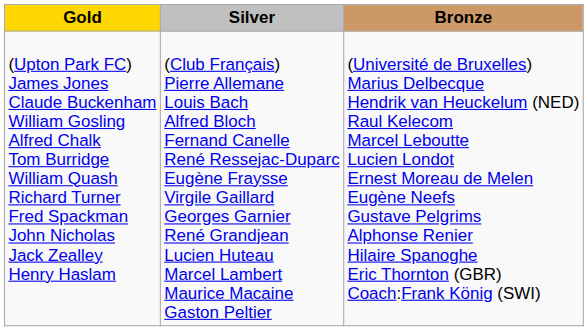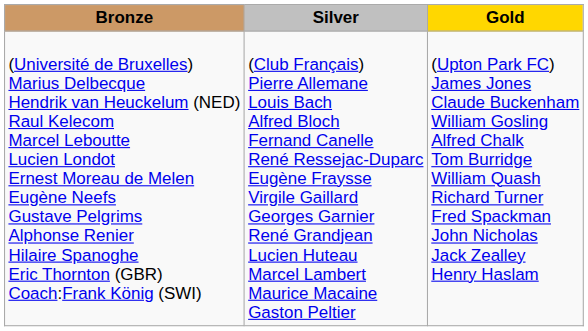 <table class="wikitable">
 <tr>
+<td align="center" bgcolor="CC9966"><strong>Bronze</strong></td>
+<td align="center" bgcolor="silver"><strong>Silver</strong></td>
 <td align="center" bgcolor="gold"><strong>Gold</strong></td>
-<td align="center" bgcolor="silver"><strong>Silver</strong></td>
-<td align="center" bgcolor="CC9966"><strong>Bronze</strong></td>
 </tr>
 <tr>
+<td valign=top><br>(<a href='#'>Université de Bruxelles</a>)<br><a href='#'>Marius Delbecque</a><br><a href='#'>Hendrik van Heuckelum</a> (NED)<br><a href='#'>Raul Kelecom</a><br><a href='#'>Marcel Leboutte</a><br><a href='#'>Lucien Londot</a><br><a href='#'>Ernest Moreau de Melen</a><br><a href='#'>Eugène Neefs</a><br><a href='#'>Gustave Pelgrims</a><br><a href='#'>Alphonse Renier</a><br><a href='#'>Hilaire Spanoghe</a><br><a href='#'>Eric Thornton</a> (GBR)<br><a href='#'>Coach</a>:<a href='#'>Frank König</a> (SWI)</td>
+<td valign=top><br>(<a href='#'>Club Français</a>) <br><a href='#'>Pierre Allemane</a><br><a href='#'>Louis Bach</a><br><a href='#'>Alfred Bloch</a><br><a href='#'>Fernand Canelle</a><br><a href='#'>René Ressejac-Duparc</a><br><a href='#'>Eugène Fraysse</a><br><a href='#'>Virgile Gaillard</a><br><a href='#'>Georges Garnier</a><br><a href='#'>René Grandjean</a><br><a href='#'>Lucien Huteau</a><br><a href='#'>Marcel Lambert</a><br><a href='#'>Maurice Macaine</a><br><a href='#'>Gaston Peltier</a></td>
 <td valign=top><br>(<a href='#'>Upton Park FC</a>)<br><a href='#'>James Jones</a><br><a href='#'>Claude Buckenham</a><br><a href='#'>William Gosling</a><br><a href='#'>Alfred Chalk</a><br><a href='#'>Tom Burridge</a><br><a href='#'>William Quash</a><br><a href='#'>Richard Turner</a><br><a href='#'>Fred Spackman</a><br><a href='#'>John Nicholas</a><br><a href='#'>Jack Zealley</a><br><a href='#'>Henry Haslam</a></td>
-<td valign=top><br>(<a href='#'>Club Français</a>) <br><a href='#'>Pierre Allemane</a><br><a href='#'>Louis Bach</a><br><a href='#'>Alfred Bloch</a><br><a href='#'>Fernand Canelle</a><br><a href='#'>René Ressejac-Duparc</a><br><a href='#'>Eugène Fraysse</a><br><a href='#'>Virgile Gaillard</a><br><a href='#'>Georges Garnier</a><br><a href='#'>René Grandjean</a><br><a href='#'>Lucien Huteau</a><br><a href='#'>Marcel Lambert</a><br><a href='#'>Maurice Macaine</a><br><a href='#'>Gaston Peltier</a></td>
-<td valign=top><br>(<a href='#'>Université de Bruxelles</a>)<br><a href='#'>Marius Delbecque</a><br><a href='#'>Hendrik van Heuckelum</a> (NED)<br><a href='#'>Raul Kelecom</a><br><a href='#'>Marcel Leboutte</a><br><a href='#'>Lucien Londot</a><br><a href='#'>Ernest Moreau de Melen</a><br><a href='#'>Eugène Neefs</a><br><a href='#'>Gustave Pelgrims</a><br><a href='#'>Alphonse Renier</a><br><a href='#'>Hilaire Spanoghe</a><br><a href='#'>Eric Thornton</a> (GBR)<br><a href='#'>Coach</a>:<a href='#'>Frank König</a> (SWI)</td>
 </tr>
 </table>
